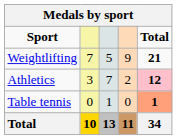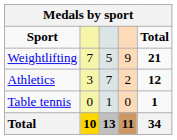 <table class="wikitable" style="text-align:center;font-size:90%">
 <tr style="background:#efefef;">
 <th colspan=7>Medals by sport</th>
 </tr>
 <tr>
 <td><strong>Sport</strong></td>
 <td bgcolor=#f7f6a8></td>
 <td bgcolor=#dce5e5></td>
 <td bgcolor=#ffdab9></td>
 <td><strong>Total</strong></td>
 </tr>
 <tr>
 <td style="text-align:left;"><a href='#'>Weightlifting</a></td>
 <td style="background:#F7F6A8;">7</td>
 <td style="background:#DCE5E5;">5</td>
 <td style="background:#FFDAB9;">9</td>
 <td><strong>21</strong></td>
 </tr>
 <tr>
 <td style="text-align:left;"><a href='#'>Athletics</a></td>
 <td style="background:#F7F6A8;">3</td>
 <td style="background:#DCE5E5;">7</td>
 <td style="background:#FFDAB9;">2</td>
-<td style="background: pink;"><strong>12</strong></td>
+<td><strong>12</strong></td>
 </tr>
 <tr>
 <td style="text-align:left;"><a href='#'>Table tennis</a></td>
 <td style="background:#F7F6A8;">0</td>
 <td style="background:#DCE5E5;">1</td>
 <td style="background:#FFDAB9;">0</td>
-<td style="background: lightsalmon;"><strong>1</strong></td>
+<td><strong>1</strong></td>
 </tr>
 <tr>
 <th style="text-align:left;">Total</th>
 <th style="background:gold;">10</th>
 <th style="background:silver;">13</th>
 <th style="background:#c96;">11</th>
 <th>34</th>
 </tr>
 </table>
